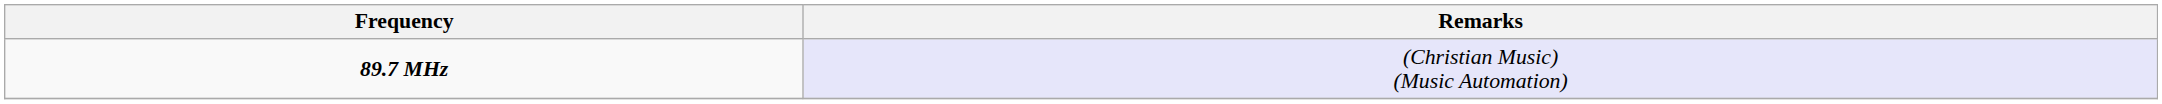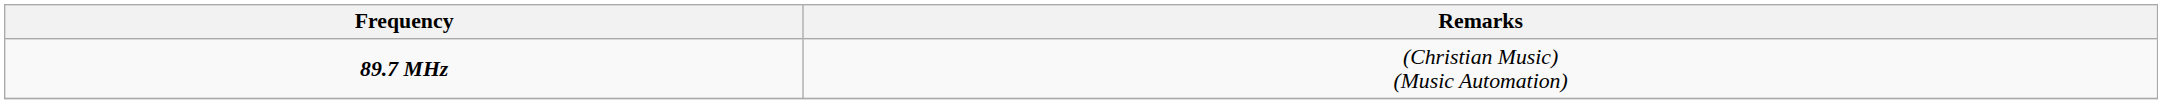 <table class="wikitable" style="width:100%; text-align:center;">
 <tr>
 <th>Frequency</th>
 <th>Remarks</th>
 </tr>
 <tr>
 <td><strong><em>89.7 MHz</em></strong></td>
-<td style="background: lavender;"><em>(Christian Music)<br>(Music Automation)</em></td>
+<td><em>(Christian Music)<br>(Music Automation)</em></td>
 </tr>
 <tr>
 </tr>
 </table>
